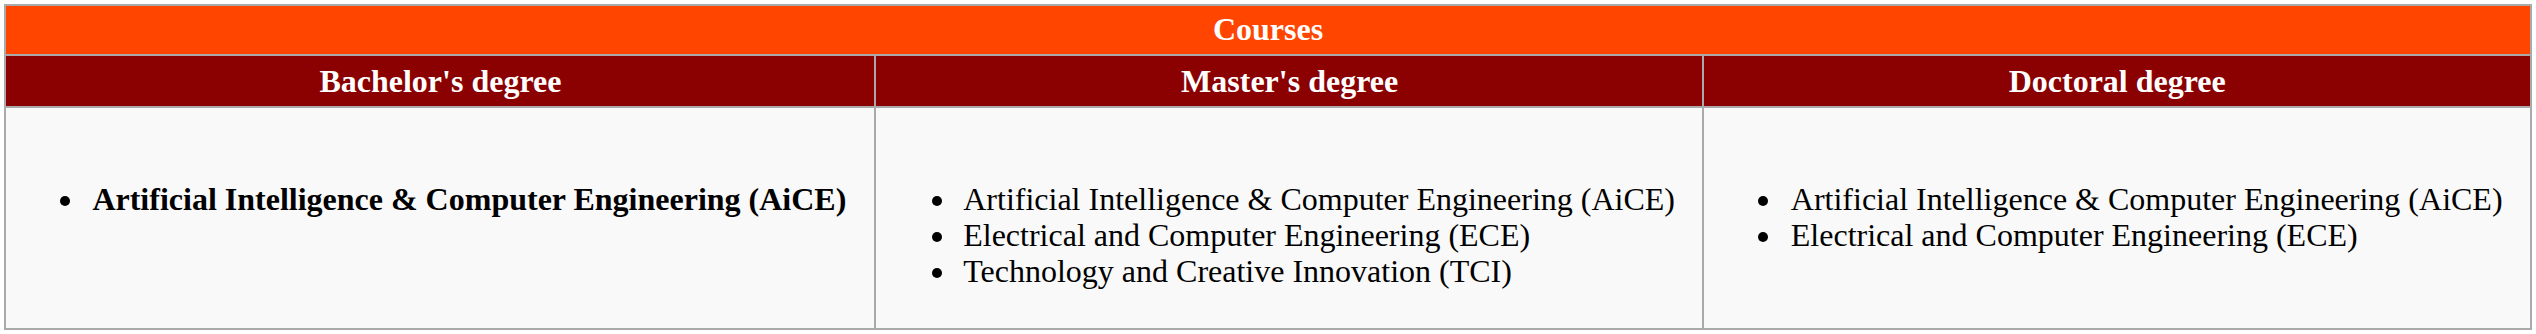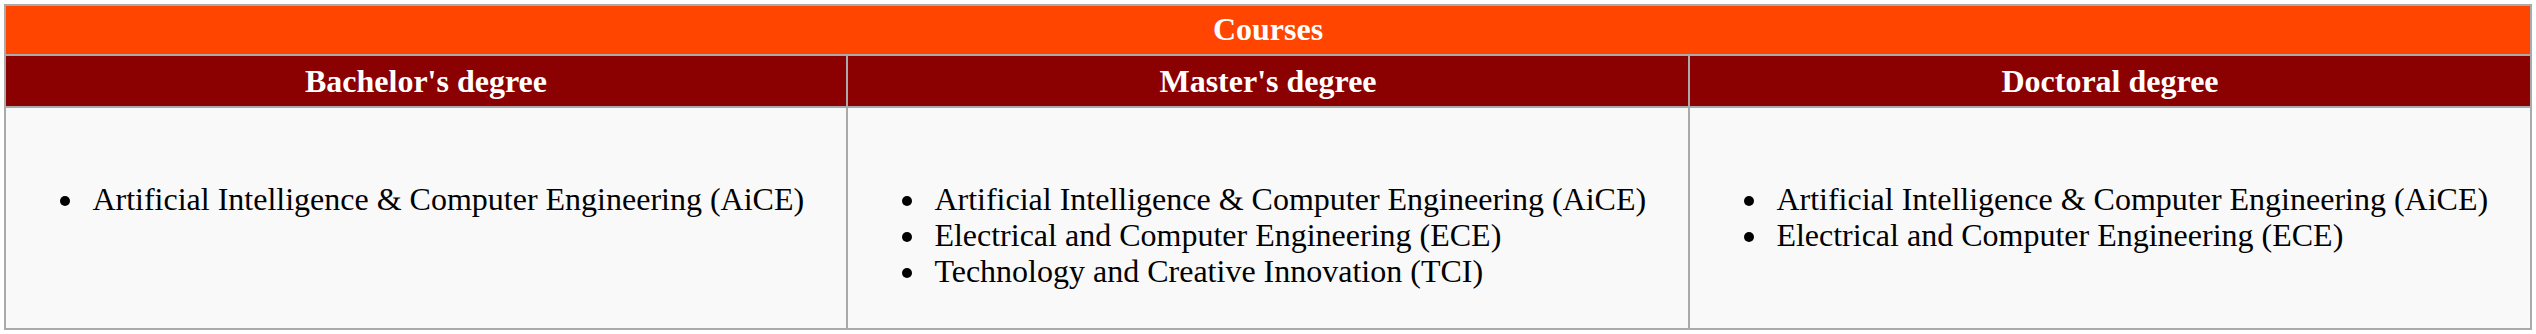 <table class="wikitable" width="100%">
 <tr>
 <th colspan="4" style="background: Orangered; color:White; ">Courses</th>
 </tr>
 <tr>
 <th style="background: Darkred; color:White; ">Bachelor's degree</th>
 <th style="background: Darkred; color:White; ">Master's degree</th>
 <th style="background: Darkred; color:White; ">Doctoral degree</th>
 </tr>
 <tr>
-<td valign="top"><strong><br><ul><li>Artificial Intelligence & Computer Engineering (AiCE) </li></ul></strong></td>
+<td valign="top"><br><ul><li>Artificial Intelligence & Computer Engineering (AiCE) </li></ul></td>
 <td valign="top"><br><ul><li>Artificial Intelligence & Computer Engineering (AiCE) </li><li>Electrical and Computer Engineering (ECE) </li><li>Technology and Creative Innovation (TCI) </li></ul></td>
 <td valign="top"><br><ul><li>Artificial Intelligence & Computer Engineering (AiCE) </li><li>Electrical and Computer Engineering (ECE) </li></ul></td>
 </tr>
 <tr>
 </tr>
 </table>
